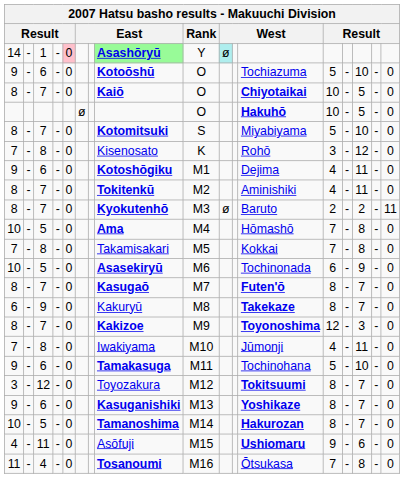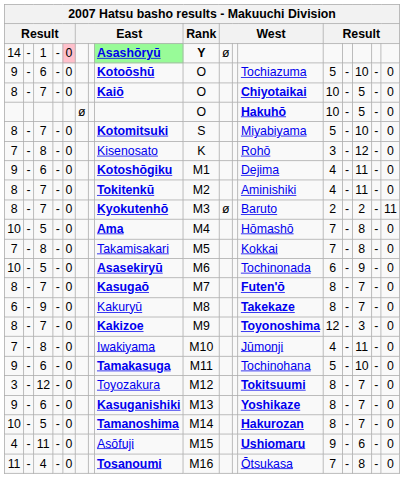 <table class="wikitable">
 <tr>
 <th colspan="17">2007 Hatsu basho results - Makuuchi Division</th>
 </tr>
 <tr>
 <th colspan="5">Result</th>
 <th colspan="3">East</th>
 <th>Rank</th>
 <th colspan="3">West</th>
 <th colspan="5">Result</th>
 </tr>
 <tr>
 <td align="center">14</td>
 <td align="center">-</td>
 <td align="center">1</td>
 <td align="center">-</td>
 <td align="center" style="background: pink;">0</td>
 <td align="center"></td>
 <td align="center"></td>
 <td style="background: PaleGreen;"><strong><a href='#'>Asashōryū</a></strong></td>
-<td align="center">Y</td>
-<td align="center" style="background: paleturquoise;">ø</td>
+<td align="center"><strong>Y</strong></td>
+<td align="center">ø</td>
 <td align="center"></td>
 <td></td>
 <td align="center"></td>
 <td align="center"></td>
 <td align="center"></td>
 <td align="center"></td>
 <td align="center"></td>
 </tr>
 <tr>
 <td align="center">9</td>
 <td align="center">-</td>
 <td align="center">6</td>
 <td align="center">-</td>
 <td align="center">0</td>
 <td align="center"></td>
 <td align="center"></td>
 <td><strong><a href='#'>Kotoōshū</a></strong></td>
 <td align="center">O</td>
 <td align="center"></td>
 <td align="center"></td>
 <td><a href='#'>Tochiazuma</a></td>
 <td align="center">5</td>
 <td align="center">-</td>
 <td align="center">10</td>
 <td align="center">-</td>
 <td align="center">0</td>
 </tr>
 <tr>
 <td align="center">8</td>
 <td align="center">-</td>
 <td align="center">7</td>
 <td align="center">-</td>
 <td align="center">0</td>
 <td align="center"></td>
 <td align="center"></td>
 <td><strong><a href='#'>Kaiō</a></strong></td>
 <td align="center">O</td>
 <td align="center"></td>
 <td align="center"></td>
 <td><strong><a href='#'>Chiyotaikai</a></strong></td>
 <td align="center">10</td>
 <td align="center">-</td>
 <td align="center">5</td>
 <td align="center">-</td>
 <td align="center">0</td>
 </tr>
 <tr>
 <td align="center"></td>
 <td align="center"></td>
 <td align="center"></td>
 <td align="center"></td>
 <td align="center"></td>
 <td align="center">ø</td>
 <td align="center"></td>
 <td></td>
 <td align="center">O</td>
 <td align="center"></td>
 <td align="center"></td>
 <td><a href='#'><strong>Hakuhō</strong></a></td>
 <td align="center">10</td>
 <td align="center">-</td>
 <td align="center">5</td>
 <td align="center">-</td>
 <td align="center">0</td>
 </tr>
 <tr>
 <td align="center">8</td>
 <td align="center">-</td>
 <td align="center">7</td>
 <td align="center">-</td>
 <td align="center">0</td>
 <td align="center"></td>
 <td align="center"></td>
 <td><a href='#'><strong>Kotomitsuki</strong></a></td>
 <td align="center">S</td>
 <td align="center"></td>
 <td align="center"></td>
 <td><a href='#'>Miyabiyama</a></td>
 <td align="center">5</td>
 <td align="center">-</td>
 <td align="center">10</td>
 <td align="center">-</td>
 <td align="center">0</td>
 </tr>
 <tr>
 <td align="center">7</td>
 <td align="center">-</td>
 <td align="center">8</td>
 <td align="center">-</td>
 <td align="center">0</td>
 <td align="center"></td>
 <td align="center"></td>
 <td><a href='#'>Kisenosato</a></td>
 <td align="center">K</td>
 <td align="center"></td>
 <td align="center"></td>
 <td><a href='#'>Rohō</a></td>
 <td align="center">3</td>
 <td align="center">-</td>
 <td align="center">12</td>
 <td align="center">-</td>
 <td align="center">0</td>
 </tr>
 <tr>
 <td align="center">9</td>
 <td align="center">-</td>
 <td align="center">6</td>
 <td align="center">-</td>
 <td align="center">0</td>
 <td align="center"></td>
 <td align="center"></td>
 <td><a href='#'><strong>Kotoshōgiku</strong></a></td>
 <td align="center">M1</td>
 <td align="center"></td>
 <td align="center"></td>
 <td><a href='#'>Dejima</a></td>
 <td align="center">4</td>
 <td align="center">-</td>
 <td align="center">11</td>
 <td align="center">-</td>
 <td align="center">0</td>
 </tr>
 <tr>
 <td align="center">8</td>
 <td align="center">-</td>
 <td align="center">7</td>
 <td align="center">-</td>
 <td align="center">0</td>
 <td align="center"></td>
 <td align="center"></td>
 <td><a href='#'><strong>Tokitenkū</strong></a></td>
 <td align="center">M2</td>
 <td align="center"></td>
 <td align="center"></td>
 <td><a href='#'>Aminishiki</a></td>
 <td align="center">4</td>
 <td align="center">-</td>
 <td align="center">11</td>
 <td align="center">-</td>
 <td align="center">0</td>
 </tr>
 <tr>
 <td align="center">8</td>
 <td align="center">-</td>
 <td align="center">7</td>
 <td align="center">-</td>
 <td align="center">0</td>
 <td align="center"></td>
 <td align="center"></td>
 <td><a href='#'><strong>Kyokutenhō</strong></a></td>
 <td align="center">M3</td>
 <td align="center">ø</td>
 <td align="center"></td>
 <td><a href='#'>Baruto</a></td>
 <td align="center">2</td>
 <td align="center">-</td>
 <td align="center">2</td>
 <td align="center">-</td>
 <td align="center">11</td>
 </tr>
 <tr>
 <td align="center">10</td>
 <td align="center">-</td>
 <td align="center">5</td>
 <td align="center">-</td>
 <td align="center">0</td>
 <td align="center"></td>
 <td align="center"></td>
 <td><a href='#'><strong>Ama</strong></a></td>
 <td align="center">M4</td>
 <td align="center"></td>
 <td align="center"></td>
 <td><a href='#'>Hōmashō</a></td>
 <td align="center">7</td>
 <td align="center">-</td>
 <td align="center">8</td>
 <td align="center">-</td>
 <td align="center">0</td>
 </tr>
 <tr>
 <td align="center">7</td>
 <td align="center">-</td>
 <td align="center">8</td>
 <td align="center">-</td>
 <td align="center">0</td>
 <td align="center"></td>
 <td align="center"></td>
 <td><a href='#'>Takamisakari</a></td>
 <td align="center">M5</td>
 <td align="center"></td>
 <td align="center"></td>
 <td><a href='#'>Kokkai</a></td>
 <td align="center">7</td>
 <td align="center">-</td>
 <td align="center">8</td>
 <td align="center">-</td>
 <td align="center">0</td>
 </tr>
 <tr>
 <td align="center">10</td>
 <td align="center">-</td>
 <td align="center">5</td>
 <td align="center">-</td>
 <td align="center">0</td>
 <td align="center"></td>
 <td align="center"></td>
 <td><a href='#'><strong>Asasekiryū</strong></a></td>
 <td align="center">M6</td>
 <td align="center"></td>
 <td align="center"></td>
 <td><a href='#'>Tochinonada</a></td>
 <td align="center">6</td>
 <td align="center">-</td>
 <td align="center">9</td>
 <td align="center">-</td>
 <td align="center">0</td>
 </tr>
 <tr>
 <td align="center">8</td>
 <td align="center">-</td>
 <td align="center">7</td>
 <td align="center">-</td>
 <td align="center">0</td>
 <td align="center"></td>
 <td align="center"></td>
 <td><a href='#'><strong>Kasugaō</strong></a></td>
 <td align="center">M7</td>
 <td align="center"></td>
 <td align="center"></td>
 <td><a href='#'><strong>Futen'ō</strong></a></td>
 <td align="center">8</td>
 <td align="center">-</td>
 <td align="center">7</td>
 <td align="center">-</td>
 <td align="center">0</td>
 </tr>
 <tr>
 <td align="center">6</td>
 <td align="center">-</td>
 <td align="center">9</td>
 <td align="center">-</td>
 <td align="center">0</td>
 <td align="center"></td>
 <td align="center"></td>
 <td><a href='#'>Kakuryū</a></td>
 <td align="center">M8</td>
 <td align="center"></td>
 <td align="center"></td>
 <td><a href='#'><strong>Takekaze</strong></a></td>
 <td align="center">8</td>
 <td align="center">-</td>
 <td align="center">7</td>
 <td align="center">-</td>
 <td align="center">0</td>
 </tr>
 <tr>
 <td align="center">8</td>
 <td align="center">-</td>
 <td align="center">7</td>
 <td align="center">-</td>
 <td align="center">0</td>
 <td align="center"></td>
 <td align="center"></td>
 <td><a href='#'><strong>Kakizoe</strong></a></td>
 <td align="center">M9</td>
 <td align="center"></td>
 <td align="center"></td>
 <td><a href='#'><strong>Toyonoshima</strong></a></td>
 <td align="center">12</td>
 <td align="center">-</td>
 <td align="center">3</td>
 <td align="center">-</td>
 <td align="center">0</td>
 </tr>
 <tr>
 <td align="center">7</td>
 <td align="center">-</td>
 <td align="center">8</td>
 <td align="center">-</td>
 <td align="center">0</td>
 <td align="center"></td>
 <td align="center"></td>
 <td><a href='#'>Iwakiyama</a></td>
 <td align="center">M10</td>
 <td align="center"></td>
 <td align="center"></td>
 <td><a href='#'>Jūmonji</a></td>
 <td align="center">4</td>
 <td align="center">-</td>
 <td align="center">11</td>
 <td align="center">-</td>
 <td align="center">0</td>
 </tr>
 <tr>
 <td align="center">9</td>
 <td align="center">-</td>
 <td align="center">6</td>
 <td align="center">-</td>
 <td align="center">0</td>
 <td align="center"></td>
 <td align="center"></td>
 <td><a href='#'><strong>Tamakasuga</strong></a></td>
 <td align="center">M11</td>
 <td align="center"></td>
 <td align="center"></td>
 <td><a href='#'>Tochinohana</a></td>
 <td align="center">5</td>
 <td align="center">-</td>
 <td align="center">10</td>
 <td align="center">-</td>
 <td align="center">0</td>
 </tr>
 <tr>
 <td align="center">3</td>
 <td align="center">-</td>
 <td align="center">12</td>
 <td align="center">-</td>
 <td align="center">0</td>
 <td align="center"></td>
 <td align="center"></td>
 <td><a href='#'>Toyozakura</a></td>
 <td align="center">M12</td>
 <td align="center"></td>
 <td align="center"></td>
 <td><a href='#'><strong>Tokitsuumi</strong></a></td>
 <td align="center">8</td>
 <td align="center">-</td>
 <td align="center">7</td>
 <td align="center">-</td>
 <td align="center">0</td>
 </tr>
 <tr>
 <td align="center">9</td>
 <td align="center">-</td>
 <td align="center">6</td>
 <td align="center">-</td>
 <td align="center">0</td>
 <td align="center"></td>
 <td align="center"></td>
 <td><a href='#'><strong>Kasuganishiki</strong></a></td>
 <td align="center">M13</td>
 <td align="center"></td>
 <td align="center"></td>
 <td><a href='#'><strong>Yoshikaze</strong></a></td>
 <td align="center">8</td>
 <td align="center">-</td>
 <td align="center">7</td>
 <td align="center">-</td>
 <td align="center">0</td>
 </tr>
 <tr>
 <td align="center">10</td>
 <td align="center">-</td>
 <td align="center">5</td>
 <td align="center">-</td>
 <td align="center">0</td>
 <td align="center"></td>
 <td align="center"></td>
 <td><a href='#'><strong>Tamanoshima</strong></a></td>
 <td align="center">M14</td>
 <td align="center"></td>
 <td align="center"></td>
 <td><a href='#'><strong>Hakurozan</strong></a></td>
 <td align="center">8</td>
 <td align="center">-</td>
 <td align="center">7</td>
 <td align="center">-</td>
 <td align="center">0</td>
 </tr>
 <tr>
 <td align="center">4</td>
 <td align="center">-</td>
 <td align="center">11</td>
 <td align="center">-</td>
 <td align="center">0</td>
 <td align="center"></td>
 <td align="center"></td>
 <td><a href='#'>Asōfuji</a></td>
 <td align="center">M15</td>
 <td align="center"></td>
 <td align="center"></td>
 <td><a href='#'><strong>Ushiomaru</strong></a></td>
 <td align="center">9</td>
 <td align="center">-</td>
 <td align="center">6</td>
 <td align="center">-</td>
 <td align="center">0</td>
 </tr>
 <tr>
 <td align="center">11</td>
 <td align="center">-</td>
 <td align="center">4</td>
 <td align="center">-</td>
 <td align="center">0</td>
 <td align="center"></td>
 <td align="center"></td>
 <td><a href='#'><strong>Tosanoumi</strong></a></td>
 <td align="center">M16</td>
 <td align="center"></td>
 <td align="center"></td>
 <td><a href='#'>Ōtsukasa</a></td>
 <td align="center">7</td>
 <td align="center">-</td>
 <td align="center">8</td>
 <td align="center">-</td>
 <td align="center">0</td>
 </tr>
 </table>
